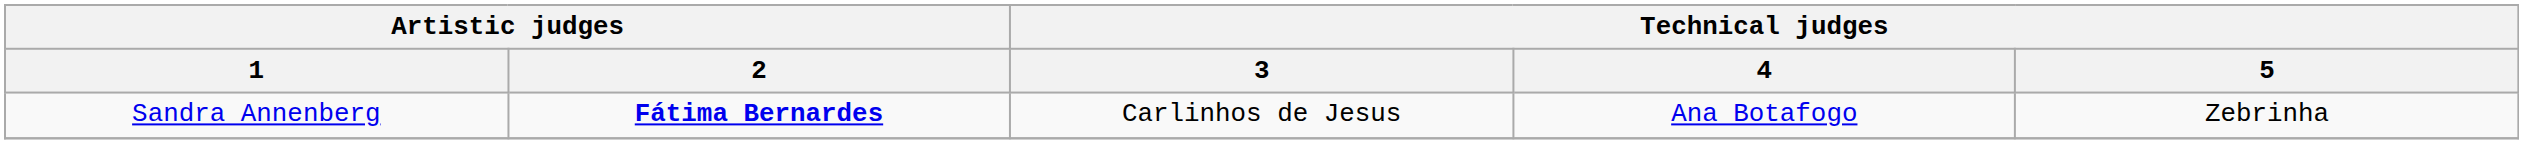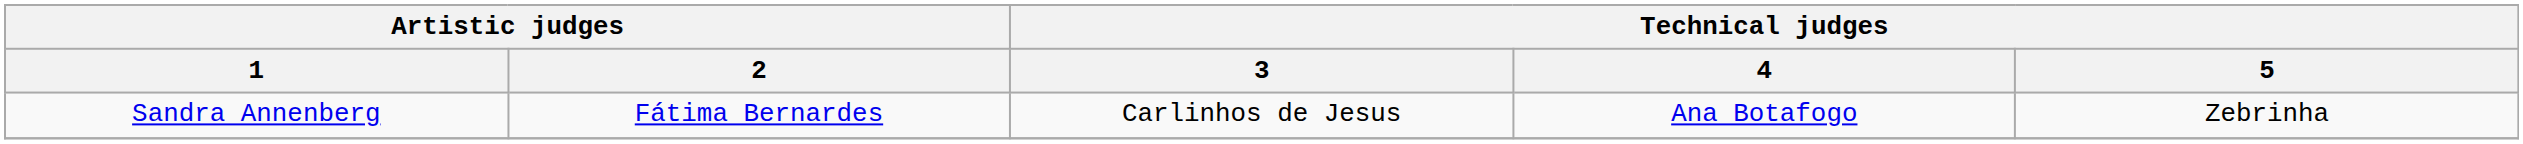 <table class="wikitable" style="font-size:100%; line-height:16px; text-align:center" width="100%">
 <tr>
 <th colspan=2>Artistic judges</th>
 <th colspan=3>Technical judges</th>
 </tr>
 <tr>
 <th width="20.0%">1</th>
 <th width="20.0%">2</th>
 <th width="20.0%">3</th>
 <th width="20.0%">4</th>
 <th width="20.0%">5</th>
 </tr>
 <tr>
 <td><a href='#'>Sandra Annenberg</a></td>
-<td><strong><a href='#'>Fátima Bernardes</a></strong></td>
+<td><a href='#'>Fátima Bernardes</a></td>
 <td>Carlinhos de Jesus</td>
 <td><a href='#'>Ana Botafogo</a></td>
 <td>Zebrinha</td>
 </tr>
 <tr>
 </tr>
 </table>
